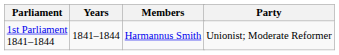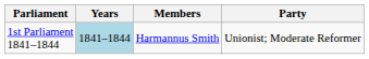 <table class="wikitable">
 <tr>
 <th>Parliament</th>
 <th>Years</th>
 <th colspan="2">Members</th>
 <th>Party</th>
 </tr>
 <tr>
 <td><a href='#'>1st Parliament</a><br>1841–1844</td>
-<td>1841–1844</td>
+<td style="background: lightblue;">1841–1844</td>
 <td colspan="2"><a href='#'>Harmannus Smith</a></td>
 <td>Unionist;  Moderate Reformer</td>
 </tr>
 </table>
